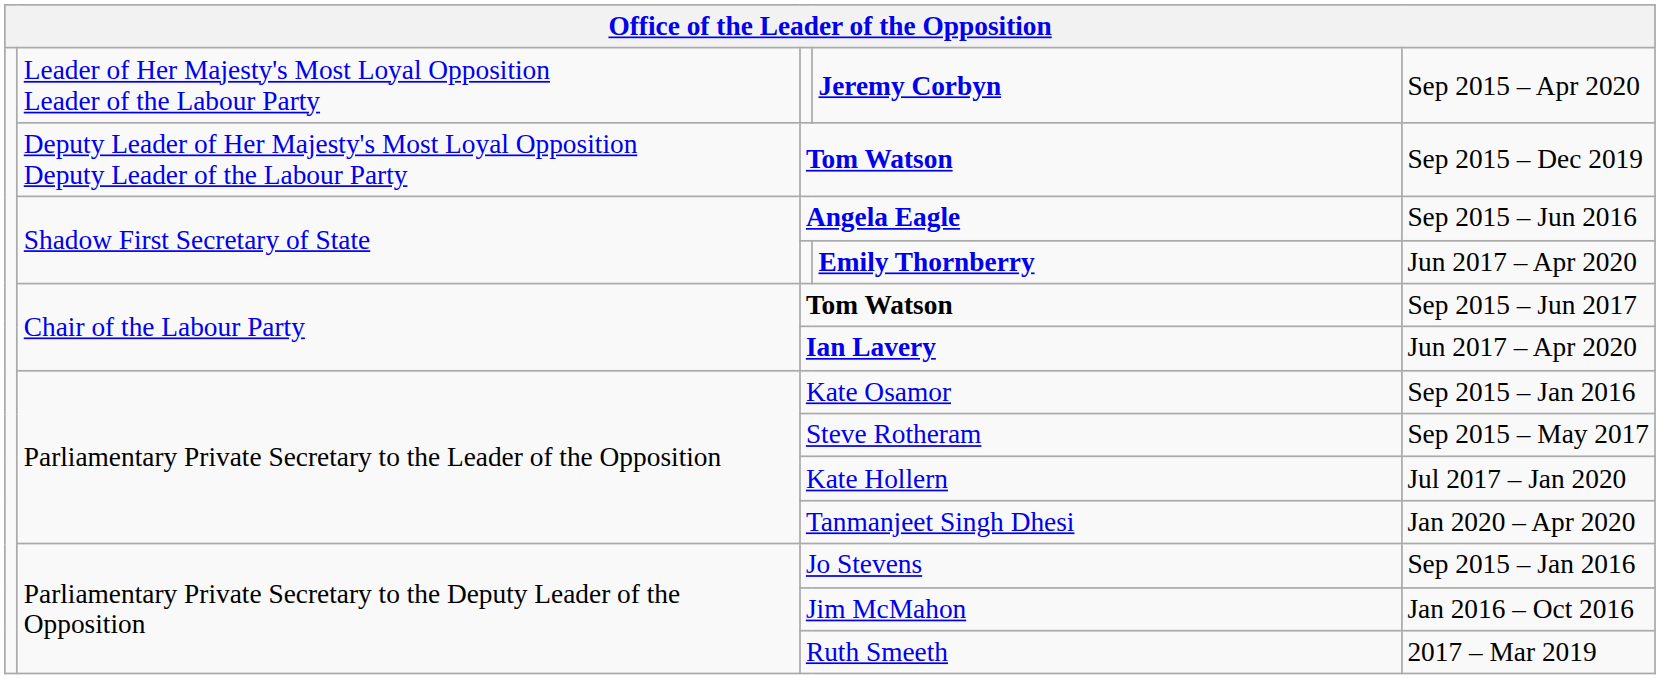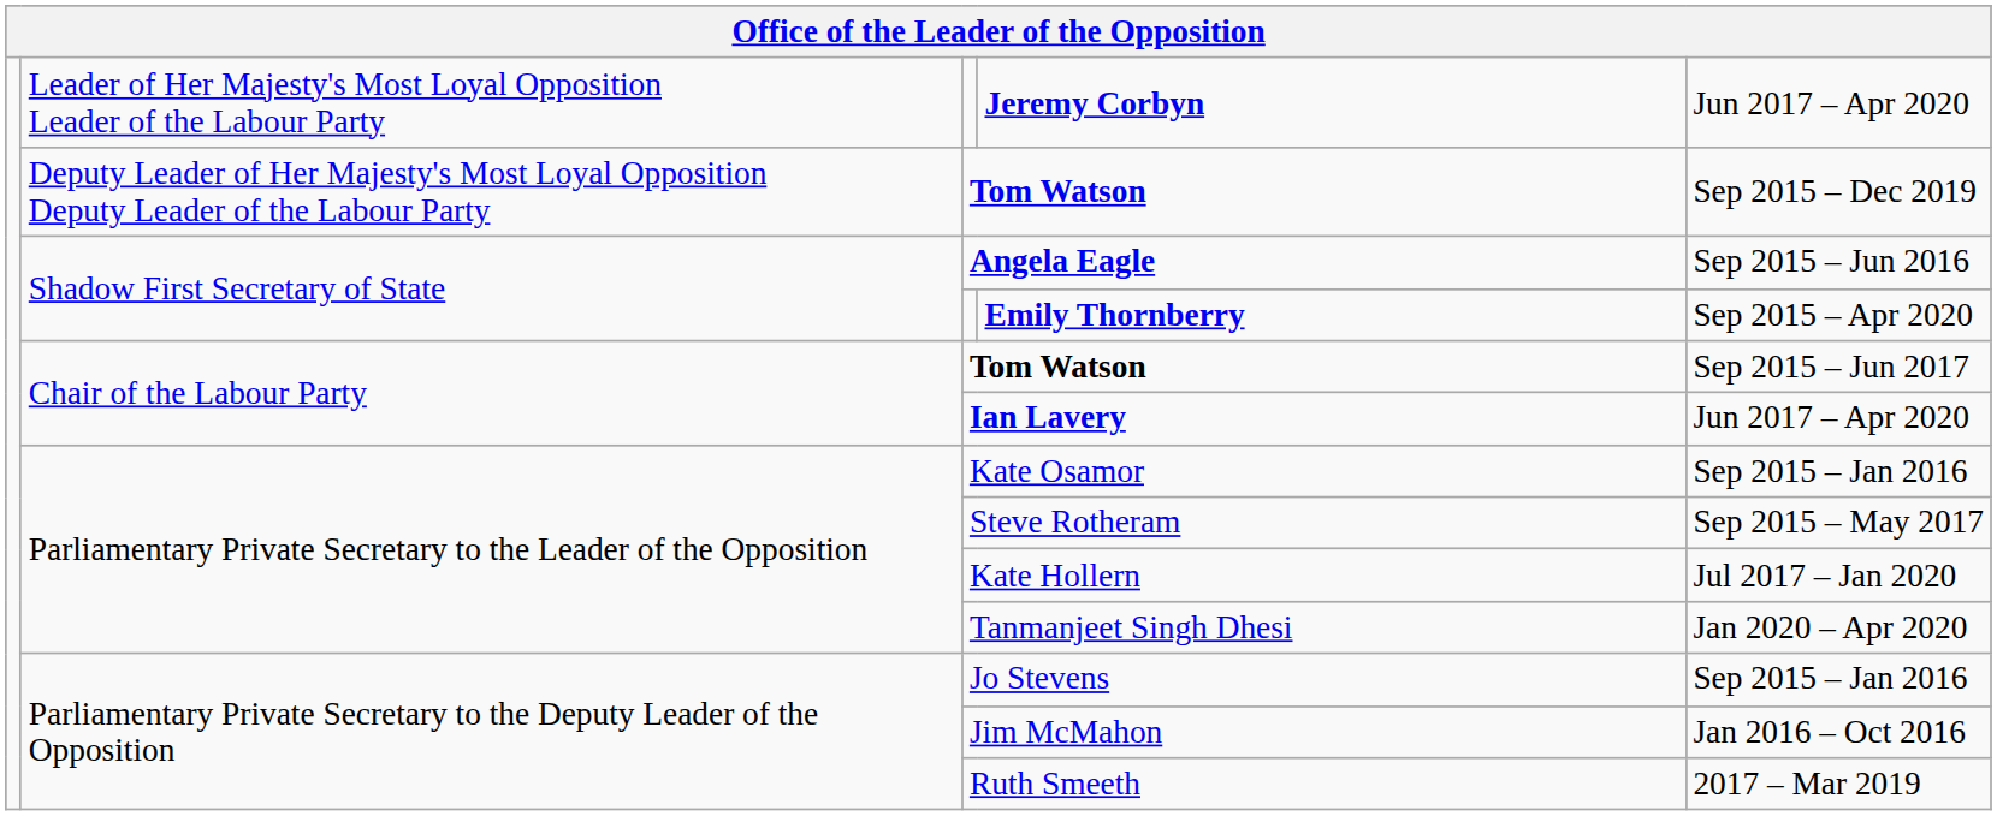 <table class="wikitable">
 <tr>
 <th colspan="5"><a href='#'>Office of the Leader of the Opposition</a></th>
 </tr>
 <tr>
 <td rowspan="13" style="background: "></td>
 <td style="width: 450px;"><a href='#'>Leader of Her Majesty's Most Loyal Opposition</a><br><a href='#'>Leader of the Labour Party</a></td>
 <td style="background: "></td>
 <td style="width: 337px;"><strong><a href='#'>Jeremy Corbyn</a></strong></td>
-<td>Sep 2015 – Apr 2020</td>
+<td>Jun 2017 – Apr 2020</td>
 </tr>
 <tr>
 <td rowspan="1"><a href='#'>Deputy Leader of Her Majesty's Most Loyal Opposition</a><br><a href='#'>Deputy Leader of the Labour Party</a></td>
 <td colspan="2"><strong><a href='#'>Tom Watson</a></strong></td>
 <td>Sep 2015 – Dec 2019</td>
 </tr>
 <tr>
 <td rowspan="2"><a href='#'>Shadow First Secretary of State</a></td>
 <td colspan="2"><strong><a href='#'>Angela Eagle</a></strong></td>
 <td>Sep 2015 – Jun 2016</td>
 </tr>
 <tr>
 <td style="background: "></td>
 <td><strong><a href='#'>Emily Thornberry</a></strong></td>
-<td>Jun 2017 – Apr 2020</td>
+<td>Sep 2015 – Apr 2020</td>
 </tr>
 <tr>
 <td rowspan="2"><a href='#'>Chair of the Labour Party</a></td>
 <td colspan="2"><strong>Tom Watson</strong></td>
 <td>Sep 2015 – Jun 2017</td>
 </tr>
 <tr>
 <td colspan="2"><strong><a href='#'>Ian Lavery</a></strong></td>
 <td>Jun 2017 – Apr 2020</td>
 </tr>
 <tr>
 <td rowspan="4">Parliamentary Private Secretary to the Leader of the Opposition</td>
 <td colspan="2"><a href='#'>Kate Osamor</a></td>
 <td>Sep 2015 – Jan 2016</td>
 </tr>
 <tr>
 <td colspan="2"><a href='#'>Steve Rotheram</a></td>
 <td>Sep 2015 – May 2017</td>
 </tr>
 <tr>
 <td colspan="2"><a href='#'>Kate Hollern</a></td>
 <td>Jul 2017 – Jan 2020</td>
 </tr>
 <tr>
 <td colspan="2"><a href='#'>Tanmanjeet Singh Dhesi</a></td>
 <td>Jan 2020 – Apr 2020</td>
 </tr>
 <tr>
 <td rowspan="3">Parliamentary Private Secretary to the Deputy Leader of the Opposition</td>
 <td colspan="2"><a href='#'>Jo Stevens</a></td>
 <td>Sep 2015 – Jan 2016</td>
 </tr>
 <tr>
 <td colspan="2"><a href='#'>Jim McMahon</a></td>
 <td>Jan 2016 – Oct 2016</td>
 </tr>
 <tr>
 <td colspan="2"><a href='#'>Ruth Smeeth</a></td>
 <td>2017 – Mar 2019</td>
 </tr>
 </table>
